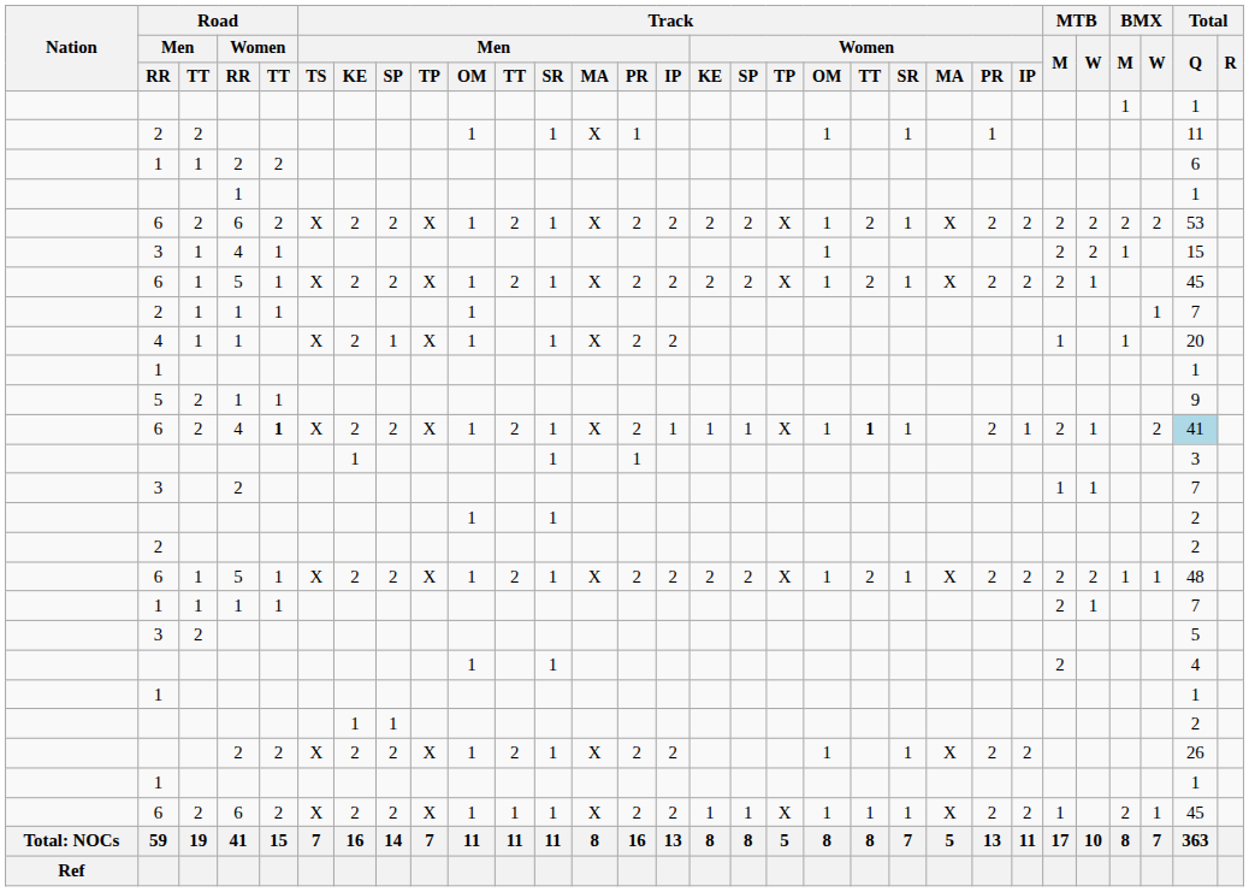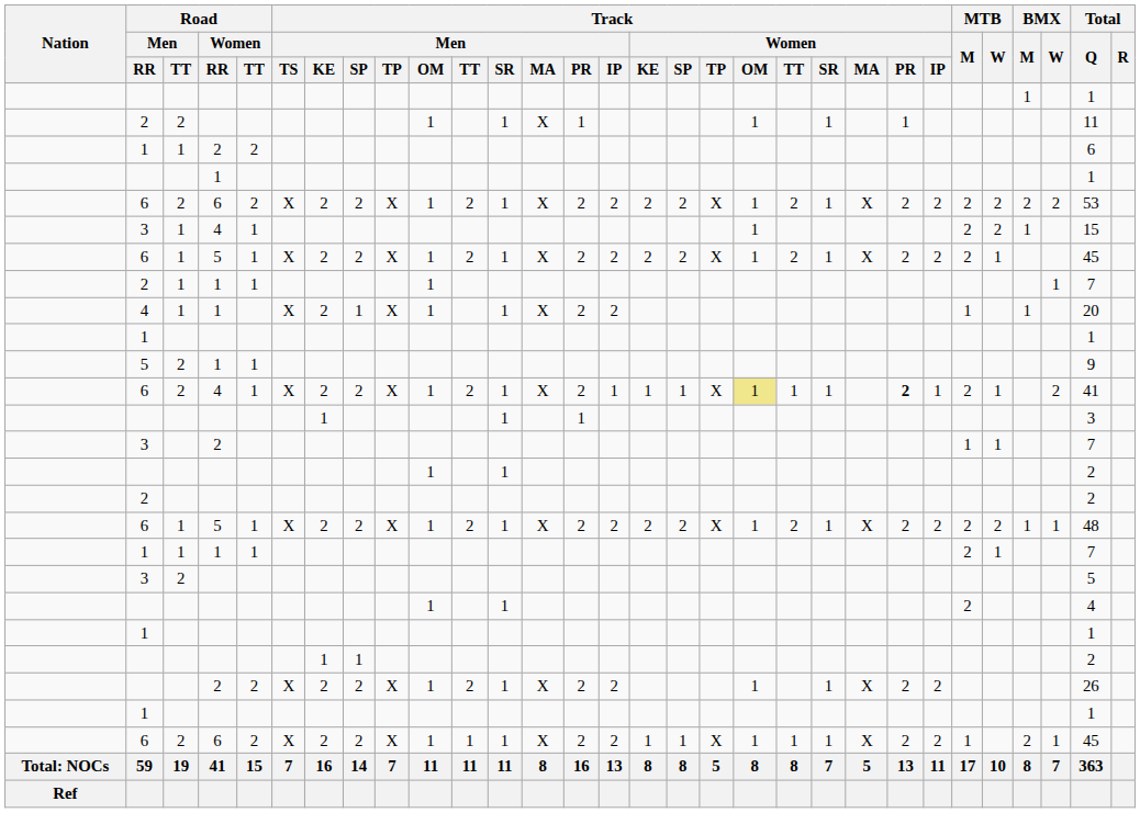 <table class="wikitable"  style="width:1000px; text-align:center; font-size:90%;">
 <tr>
 <th rowspan="3">Nation</th>
 <th colspan=4>Road</th>
 <th colspan=19>Track</th>
 <th colspan=2>MTB</th>
 <th colspan=2>BMX</th>
 <th colspan=2>Total</th>
 </tr>
 <tr style="font-size:95%">
 <th colspan=2>Men</th>
 <th colspan=2>Women</th>
 <th colspan=10>Men</th>
 <th colspan=9>Women</th>
 <th rowspan=2>M</th>
 <th rowspan=2>W</th>
 <th rowspan=2>M</th>
 <th rowspan=2>W</th>
 <th rowspan=2>Q</th>
 <th rowspan=2>R</th>
 </tr>
 <tr style="font-size:95%">
 <th>RR</th>
 <th>TT</th>
 <th>RR</th>
 <th>TT</th>
 <th>TS</th>
 <th>KE</th>
 <th>SP</th>
 <th>TP</th>
 <th>OM</th>
 <th>TT</th>
 <th>SR</th>
 <th>MA</th>
 <th>PR</th>
 <th>IP</th>
 <th>KE</th>
 <th>SP</th>
 <th>TP</th>
 <th>OM</th>
 <th>TT</th>
 <th>SR</th>
 <th>MA</th>
 <th>PR</th>
 <th>IP</th>
 </tr>
 <tr>
 <td style="text-align:left;"></td>
 <td></td>
 <td></td>
 <td></td>
 <td></td>
 <td></td>
 <td></td>
 <td></td>
 <td></td>
 <td></td>
 <td></td>
 <td></td>
 <td></td>
 <td></td>
 <td></td>
 <td></td>
 <td></td>
 <td></td>
 <td></td>
 <td></td>
 <td></td>
 <td></td>
 <td></td>
 <td></td>
 <td></td>
 <td></td>
 <td>1</td>
 <td></td>
 <td>1</td>
 <td></td>
 </tr>
 <tr>
 <td style="text-align:left;"></td>
 <td>2</td>
 <td>2</td>
 <td></td>
 <td></td>
 <td></td>
 <td></td>
 <td></td>
 <td></td>
 <td>1</td>
 <td></td>
 <td>1</td>
 <td>X</td>
 <td>1</td>
 <td></td>
 <td></td>
 <td></td>
 <td></td>
 <td>1</td>
 <td></td>
 <td>1</td>
 <td></td>
 <td>1</td>
 <td></td>
 <td></td>
 <td></td>
 <td></td>
 <td></td>
 <td>11</td>
 <td></td>
 </tr>
 <tr>
 <td style="text-align:left;"></td>
 <td>1</td>
 <td>1</td>
 <td>2</td>
 <td>2</td>
 <td></td>
 <td></td>
 <td></td>
 <td></td>
 <td></td>
 <td></td>
 <td></td>
 <td></td>
 <td></td>
 <td></td>
 <td></td>
 <td></td>
 <td></td>
 <td></td>
 <td></td>
 <td></td>
 <td></td>
 <td></td>
 <td></td>
 <td></td>
 <td></td>
 <td></td>
 <td></td>
 <td>6</td>
 <td></td>
 </tr>
 <tr>
 <td style="text-align:left;"></td>
 <td></td>
 <td></td>
 <td>1</td>
 <td></td>
 <td></td>
 <td></td>
 <td></td>
 <td></td>
 <td></td>
 <td></td>
 <td></td>
 <td></td>
 <td></td>
 <td></td>
 <td></td>
 <td></td>
 <td></td>
 <td></td>
 <td></td>
 <td></td>
 <td></td>
 <td></td>
 <td></td>
 <td></td>
 <td></td>
 <td></td>
 <td></td>
 <td>1</td>
 <td></td>
 </tr>
 <tr>
 <td style="text-align:left;"></td>
 <td>6</td>
 <td>2</td>
 <td>6</td>
 <td>2</td>
 <td>X</td>
 <td>2</td>
 <td>2</td>
 <td>X</td>
 <td>1</td>
 <td>2</td>
 <td>1</td>
 <td>X</td>
 <td>2</td>
 <td>2</td>
 <td>2</td>
 <td>2</td>
 <td>X</td>
 <td>1</td>
 <td>2</td>
 <td>1</td>
 <td>X</td>
 <td>2</td>
 <td>2</td>
 <td>2</td>
 <td>2</td>
 <td>2</td>
 <td>2</td>
 <td>53</td>
 <td></td>
 </tr>
 <tr>
 <td style="text-align:left;"></td>
 <td>3</td>
 <td>1</td>
 <td>4</td>
 <td>1</td>
 <td></td>
 <td></td>
 <td></td>
 <td></td>
 <td></td>
 <td></td>
 <td></td>
 <td></td>
 <td></td>
 <td></td>
 <td></td>
 <td></td>
 <td></td>
 <td>1</td>
 <td></td>
 <td></td>
 <td></td>
 <td></td>
 <td></td>
 <td>2</td>
 <td>2</td>
 <td>1</td>
 <td></td>
 <td>15</td>
 <td></td>
 </tr>
 <tr>
 <td style="text-align:left;"></td>
 <td>6</td>
 <td>1</td>
 <td>5</td>
 <td>1</td>
 <td>X</td>
 <td>2</td>
 <td>2</td>
 <td>X</td>
 <td>1</td>
 <td>2</td>
 <td>1</td>
 <td>X</td>
 <td>2</td>
 <td>2</td>
 <td>2</td>
 <td>2</td>
 <td>X</td>
 <td>1</td>
 <td>2</td>
 <td>1</td>
 <td>X</td>
 <td>2</td>
 <td>2</td>
 <td>2</td>
 <td>1</td>
 <td></td>
 <td></td>
 <td>45</td>
 <td></td>
 </tr>
 <tr>
 <td style="text-align:left;"></td>
 <td>2</td>
 <td>1</td>
 <td>1</td>
 <td>1</td>
 <td></td>
 <td></td>
 <td></td>
 <td></td>
 <td>1</td>
 <td></td>
 <td></td>
 <td></td>
 <td></td>
 <td></td>
 <td></td>
 <td></td>
 <td></td>
 <td></td>
 <td></td>
 <td></td>
 <td></td>
 <td></td>
 <td></td>
 <td></td>
 <td></td>
 <td></td>
 <td>1</td>
 <td>7</td>
 <td></td>
 </tr>
 <tr>
 <td style="text-align:left;"></td>
 <td>4</td>
 <td>1</td>
 <td>1</td>
 <td></td>
 <td>X</td>
 <td>2</td>
 <td>1</td>
 <td>X</td>
 <td>1</td>
 <td></td>
 <td>1</td>
 <td>X</td>
 <td>2</td>
 <td>2</td>
 <td></td>
 <td></td>
 <td></td>
 <td></td>
 <td></td>
 <td></td>
 <td></td>
 <td></td>
 <td></td>
 <td>1</td>
 <td></td>
 <td>1</td>
 <td></td>
 <td>20</td>
 <td></td>
 </tr>
 <tr>
 <td style="text-align:left;"></td>
 <td>1</td>
 <td></td>
 <td></td>
 <td></td>
 <td></td>
 <td></td>
 <td></td>
 <td></td>
 <td></td>
 <td></td>
 <td></td>
 <td></td>
 <td></td>
 <td></td>
 <td></td>
 <td></td>
 <td></td>
 <td></td>
 <td></td>
 <td></td>
 <td></td>
 <td></td>
 <td></td>
 <td></td>
 <td></td>
 <td></td>
 <td></td>
 <td>1</td>
 <td></td>
 </tr>
 <tr>
 <td style="text-align:left;"></td>
 <td>5</td>
 <td>2</td>
 <td>1</td>
 <td>1</td>
 <td></td>
 <td></td>
 <td></td>
 <td></td>
 <td></td>
 <td></td>
 <td></td>
 <td></td>
 <td></td>
 <td></td>
 <td></td>
 <td></td>
 <td></td>
 <td></td>
 <td></td>
 <td></td>
 <td></td>
 <td></td>
 <td></td>
 <td></td>
 <td></td>
 <td></td>
 <td></td>
 <td>9</td>
 <td></td>
 </tr>
 <tr>
 <td style="text-align:left;"></td>
 <td>6</td>
 <td>2</td>
 <td>4</td>
-<td><strong>1</strong></td>
+<td>1</td>
 <td>X</td>
 <td>2</td>
 <td>2</td>
 <td>X</td>
 <td>1</td>
 <td>2</td>
 <td>1</td>
 <td>X</td>
 <td>2</td>
 <td>1</td>
 <td>1</td>
 <td>1</td>
 <td>X</td>
+<td style="background: khaki;">1</td>
 <td>1</td>
-<td><strong>1</strong></td>
 <td>1</td>
 <td></td>
-<td>2</td>
+<td><strong>2</strong></td>
 <td>1</td>
 <td>2</td>
 <td>1</td>
 <td></td>
 <td>2</td>
-<td style="background: lightblue;">41</td>
+<td>41</td>
 <td></td>
 </tr>
 <tr>
 <td style="text-align:left;"></td>
 <td></td>
 <td></td>
 <td></td>
 <td></td>
 <td></td>
 <td>1</td>
 <td></td>
 <td></td>
 <td></td>
 <td></td>
 <td>1</td>
 <td></td>
 <td>1</td>
 <td></td>
 <td></td>
 <td></td>
 <td></td>
 <td></td>
 <td></td>
 <td></td>
 <td></td>
 <td></td>
 <td></td>
 <td></td>
 <td></td>
 <td></td>
 <td></td>
 <td>3</td>
 <td></td>
 </tr>
 <tr>
 <td style="text-align:left;"></td>
 <td>3</td>
 <td></td>
 <td>2</td>
 <td></td>
 <td></td>
 <td></td>
 <td></td>
 <td></td>
 <td></td>
 <td></td>
 <td></td>
 <td></td>
 <td></td>
 <td></td>
 <td></td>
 <td></td>
 <td></td>
 <td></td>
 <td></td>
 <td></td>
 <td></td>
 <td></td>
 <td></td>
 <td>1</td>
 <td>1</td>
 <td></td>
 <td></td>
 <td>7</td>
 <td></td>
 </tr>
 <tr>
 <td style="text-align:left;"></td>
 <td></td>
 <td></td>
 <td></td>
 <td></td>
 <td></td>
 <td></td>
 <td></td>
 <td></td>
 <td>1</td>
 <td></td>
 <td>1</td>
 <td></td>
 <td></td>
 <td></td>
 <td></td>
 <td></td>
 <td></td>
 <td></td>
 <td></td>
 <td></td>
 <td></td>
 <td></td>
 <td></td>
 <td></td>
 <td></td>
 <td></td>
 <td></td>
 <td>2</td>
 <td></td>
 </tr>
 <tr>
 <td style="text-align:left;"></td>
 <td>2</td>
 <td></td>
 <td></td>
 <td></td>
 <td></td>
 <td></td>
 <td></td>
 <td></td>
 <td></td>
 <td></td>
 <td></td>
 <td></td>
 <td></td>
 <td></td>
 <td></td>
 <td></td>
 <td></td>
 <td></td>
 <td></td>
 <td></td>
 <td></td>
 <td></td>
 <td></td>
 <td></td>
 <td></td>
 <td></td>
 <td></td>
 <td>2</td>
 <td></td>
 </tr>
 <tr>
 <td style="text-align:left;"></td>
 <td>6</td>
 <td>1</td>
 <td>5</td>
 <td>1</td>
 <td>X</td>
 <td>2</td>
 <td>2</td>
 <td>X</td>
 <td>1</td>
 <td>2</td>
 <td>1</td>
 <td>X</td>
 <td>2</td>
 <td>2</td>
 <td>2</td>
 <td>2</td>
 <td>X</td>
 <td>1</td>
 <td>2</td>
 <td>1</td>
 <td>X</td>
 <td>2</td>
 <td>2</td>
 <td>2</td>
 <td>2</td>
 <td>1</td>
 <td>1</td>
 <td>48</td>
 <td></td>
 </tr>
 <tr>
 <td style="text-align:left;"></td>
 <td>1</td>
 <td>1</td>
 <td>1</td>
 <td>1</td>
 <td></td>
 <td></td>
 <td></td>
 <td></td>
 <td></td>
 <td></td>
 <td></td>
 <td></td>
 <td></td>
 <td></td>
 <td></td>
 <td></td>
 <td></td>
 <td></td>
 <td></td>
 <td></td>
 <td></td>
 <td></td>
 <td></td>
 <td>2</td>
 <td>1</td>
 <td></td>
 <td></td>
 <td>7</td>
 <td></td>
 </tr>
 <tr>
 <td style="text-align:left;"></td>
 <td>3</td>
 <td>2</td>
 <td></td>
 <td></td>
 <td></td>
 <td></td>
 <td></td>
 <td></td>
 <td></td>
 <td></td>
 <td></td>
 <td></td>
 <td></td>
 <td></td>
 <td></td>
 <td></td>
 <td></td>
 <td></td>
 <td></td>
 <td></td>
 <td></td>
 <td></td>
 <td></td>
 <td></td>
 <td></td>
 <td></td>
 <td></td>
 <td>5</td>
 <td></td>
 </tr>
 <tr>
 <td style="text-align:left;"></td>
 <td></td>
 <td></td>
 <td></td>
 <td></td>
 <td></td>
 <td></td>
 <td></td>
 <td></td>
 <td>1</td>
 <td></td>
 <td>1</td>
 <td></td>
 <td></td>
 <td></td>
 <td></td>
 <td></td>
 <td></td>
 <td></td>
 <td></td>
 <td></td>
 <td></td>
 <td></td>
 <td></td>
 <td>2</td>
 <td></td>
 <td></td>
 <td></td>
 <td>4</td>
 <td></td>
 </tr>
 <tr>
 <td style="text-align:left;"></td>
 <td>1</td>
 <td></td>
 <td></td>
 <td></td>
 <td></td>
 <td></td>
 <td></td>
 <td></td>
 <td></td>
 <td></td>
 <td></td>
 <td></td>
 <td></td>
 <td></td>
 <td></td>
 <td></td>
 <td></td>
 <td></td>
 <td></td>
 <td></td>
 <td></td>
 <td></td>
 <td></td>
 <td></td>
 <td></td>
 <td></td>
 <td></td>
 <td>1</td>
 <td></td>
 </tr>
 <tr>
 <td style="text-align:left;"></td>
 <td></td>
 <td></td>
 <td></td>
 <td></td>
 <td></td>
 <td>1</td>
 <td>1</td>
 <td></td>
 <td></td>
 <td></td>
 <td></td>
 <td></td>
 <td></td>
 <td></td>
 <td></td>
 <td></td>
 <td></td>
 <td></td>
 <td></td>
 <td></td>
 <td></td>
 <td></td>
 <td></td>
 <td></td>
 <td></td>
 <td></td>
 <td></td>
 <td>2</td>
 <td></td>
 </tr>
 <tr>
 <td style="text-align:left;"></td>
 <td></td>
 <td></td>
 <td>2</td>
 <td>2</td>
 <td>X</td>
 <td>2</td>
 <td>2</td>
 <td>X</td>
 <td>1</td>
 <td>2</td>
 <td>1</td>
 <td>X</td>
 <td>2</td>
 <td>2</td>
 <td></td>
 <td></td>
 <td></td>
 <td>1</td>
 <td></td>
 <td>1</td>
 <td>X</td>
 <td>2</td>
 <td>2</td>
 <td></td>
 <td></td>
 <td></td>
 <td></td>
 <td>26</td>
 <td></td>
 </tr>
 <tr>
 <td style="text-align:left;"></td>
 <td>1</td>
 <td></td>
 <td></td>
 <td></td>
 <td></td>
 <td></td>
 <td></td>
 <td></td>
 <td></td>
 <td></td>
 <td></td>
 <td></td>
 <td></td>
 <td></td>
 <td></td>
 <td></td>
 <td></td>
 <td></td>
 <td></td>
 <td></td>
 <td></td>
 <td></td>
 <td></td>
 <td></td>
 <td></td>
 <td></td>
 <td></td>
 <td>1</td>
 <td></td>
 </tr>
 <tr>
 <td style="text-align:left;"></td>
 <td>6</td>
 <td>2</td>
 <td>6</td>
 <td>2</td>
 <td>X</td>
 <td>2</td>
 <td>2</td>
 <td>X</td>
 <td>1</td>
 <td>1</td>
 <td>1</td>
 <td>X</td>
 <td>2</td>
 <td>2</td>
 <td>1</td>
 <td>1</td>
 <td>X</td>
 <td>1</td>
 <td>1</td>
 <td>1</td>
 <td>X</td>
 <td>2</td>
 <td>2</td>
 <td>1</td>
 <td></td>
 <td>2</td>
 <td>1</td>
 <td>45</td>
 <td></td>
 </tr>
 <tr>
 <th>Total:  NOCs</th>
 <th>59</th>
 <th>19</th>
 <th>41</th>
 <th>15</th>
 <th>7</th>
 <th>16</th>
 <th>14</th>
 <th>7</th>
 <th>11</th>
 <th>11</th>
 <th>11</th>
 <th>8</th>
 <th>16</th>
 <th>13</th>
 <th>8</th>
 <th>8</th>
 <th>5</th>
 <th>8</th>
 <th>8</th>
 <th>7</th>
 <th>5</th>
 <th>13</th>
 <th>11</th>
 <th>17</th>
 <th>10</th>
 <th>8</th>
 <th>7</th>
 <th>363</th>
 <th></th>
 </tr>
 <tr>
 <th>Ref</th>
 <th></th>
 <th></th>
 <th></th>
 <th></th>
 <th></th>
 <th></th>
 <th></th>
 <th></th>
 <th></th>
 <th></th>
 <th></th>
 <th></th>
 <th></th>
 <th></th>
 <th></th>
 <th></th>
 <th></th>
 <th></th>
 <th></th>
 <th></th>
 <th></th>
 <th></th>
 <th></th>
 <th></th>
 <th></th>
 <th></th>
 <th></th>
 <th></th>
 <th></th>
 </tr>
 </table>
